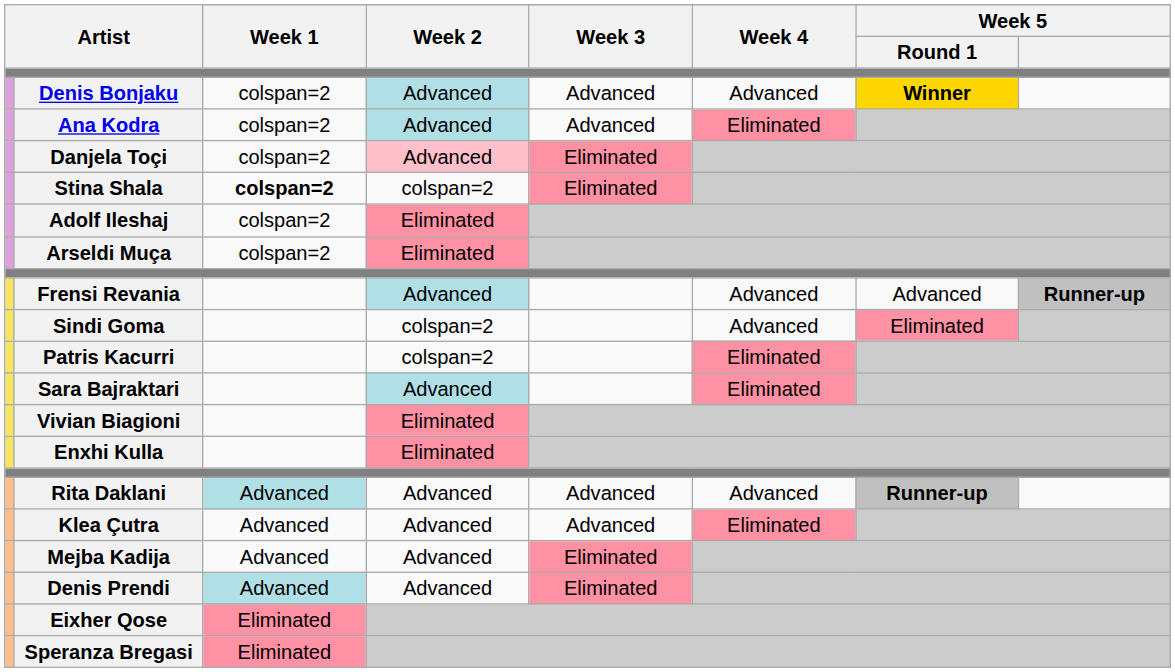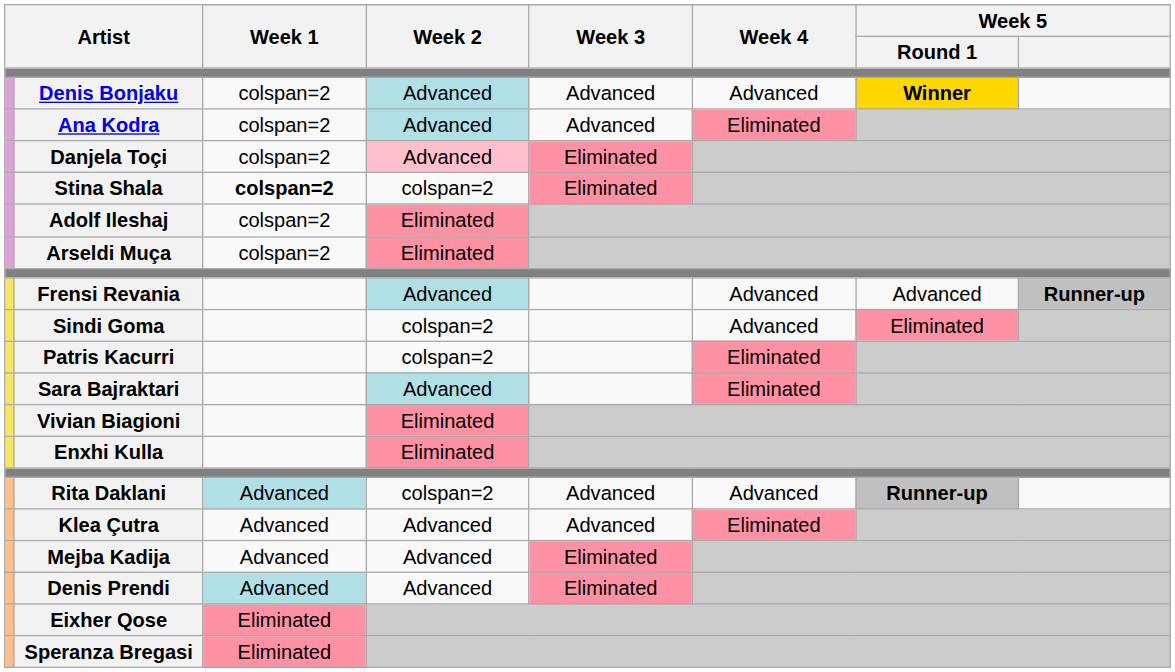 <table class="wikitable"  style="font-size:95%; text-align:center; width:100%;">
 <tr>
 <th rowspan="3" colspan="2" width="17%;">Artist</th>
 </tr>
 <tr>
 <th rowspan="2" width="14%;">Week 1</th>
 <th rowspan="2" width="14%;">Week 2</th>
 <th rowspan="2" width="14%;">Week 3</th>
 <th rowspan="2" width="14%;">Week 4</th>
 <th colspan="2" width="14%;">Week 5</th>
 </tr>
 <tr>
 <th width="14%;">Round 1</th>
 <th width="14%;"></th>
 </tr>
 <tr>
 <th colspan="8" style="background:gray;"></th>
 </tr>
 <tr>
 <th style="background:#dda0dd;"></th>
 <th><a href='#'>Denis Bonjaku</a></th>
 <td>colspan=2 </td>
 <td style="background:#B0E0E6;">Advanced</td>
 <td>Advanced</td>
 <td>Advanced</td>
 <td style="background:gold"><strong>Winner</strong></td>
 </tr>
 <tr>
 <th style="background:#dda0dd;"></th>
 <th><a href='#'>Ana Kodra</a></th>
 <td>colspan=2 </td>
 <td style="background:#B0E0E6;">Advanced</td>
 <td>Advanced</td>
 <td style="background:#FF91A4;">Eliminated</td>
 <td colspan="6" style="background:#ccc;"></td>
 </tr>
 <tr>
 <th style="background:#dda0dd;"></th>
 <th>Danjela Toçi</th>
 <td>colspan=2 </td>
 <td style="background: pink;">Advanced</td>
 <td style="background:#FF91A4;">Eliminated</td>
 <td colspan="6" style="background:#ccc;"></td>
 </tr>
 <tr>
 <th style="background:#dda0dd;"></th>
 <th>Stina Shala</th>
 <td><strong>colspan=2 </strong></td>
 <td>colspan=2 </td>
 <td style="background:#FF91A4;">Eliminated</td>
 <td colspan="6" style="background:#ccc;"></td>
 </tr>
 <tr>
 <th style="background:#dda0dd;"></th>
 <th>Adolf Ileshaj</th>
 <td>colspan=2 </td>
 <td style="background:#FF91A4;">Eliminated</td>
 <td colspan="6" style="background:#ccc;"></td>
 </tr>
 <tr>
 <th style="background:#dda0dd;"></th>
 <th>Arseldi Muça</th>
 <td>colspan=2 </td>
 <td style="background:#FF91A4;">Eliminated</td>
 <td colspan="6" style="background:#ccc;"></td>
 </tr>
 <tr>
 <th colspan="8" style="background:gray;"></th>
 </tr>
 <tr>
 <th style="background:#f7e463;"></th>
 <th>Frensi Revania</th>
 <td></td>
 <td style="background:#B0E0E6;">Advanced</td>
 <td></td>
 <td>Advanced</td>
 <td>Advanced</td>
 <td style="background:silver"><strong>Runner-up</strong></td>
 </tr>
 <tr>
 <th style="background:#f7e463;"></th>
 <th>Sindi Goma</th>
 <td></td>
 <td>colspan=2 </td>
 <td></td>
 <td>Advanced</td>
 <td style="background:#FF91A4;">Eliminated</td>
 <td colspan="6" style="background:#ccc;"></td>
 </tr>
 <tr>
 <th style="background:#f7e463;"></th>
 <th>Patris Kacurri</th>
 <td></td>
 <td>colspan=2 </td>
 <td></td>
 <td style="background:#FF91A4;">Eliminated</td>
 <td colspan="6" style="background:#ccc;"></td>
 </tr>
 <tr>
 <th style="background:#f7e463;"></th>
 <th>Sara Bajraktari</th>
 <td></td>
 <td style="background:#B0E0E6;">Advanced</td>
 <td></td>
 <td style="background:#FF91A4;">Eliminated</td>
 <td colspan="6" style="background:#ccc;"></td>
 </tr>
 <tr>
 <th style="background:#f7e463;"></th>
 <th>Vivian Biagioni</th>
 <td></td>
 <td style="background:#FF91A4;">Eliminated</td>
 <td colspan="6" style="background:#ccc;"></td>
 </tr>
 <tr>
 <th style="background:#f7e463;"></th>
 <th>Enxhi Kulla</th>
 <td></td>
 <td style="background:#FF91A4;">Eliminated</td>
 <td colspan="6" style="background:#ccc;"></td>
 </tr>
 <tr>
 <th colspan="8" style="background:gray;"></th>
 </tr>
 <tr>
 <th style="background:#ffbf8c;"></th>
 <th>Rita Daklani</th>
 <td style="background:#B0E0E6;">Advanced</td>
-<td>Advanced</td>
+<td>colspan=2 </td>
 <td>Advanced</td>
 <td>Advanced</td>
 <td style="background:silver"><strong>Runner-up</strong></td>
 </tr>
 <tr>
 <th style="background:#ffbf8c;"></th>
 <th>Klea Çutra</th>
 <td>Advanced</td>
 <td>Advanced</td>
 <td>Advanced</td>
 <td style="background:#FF91A4;">Eliminated</td>
 <td colspan="6" style="background:#ccc;"></td>
 </tr>
 <tr>
 <th style="background:#ffbf8c;"></th>
 <th>Mejba Kadija</th>
 <td>Advanced</td>
 <td>Advanced</td>
 <td style="background:#FF91A4;">Eliminated</td>
 <td colspan="6" style="background:#ccc;"></td>
 </tr>
 <tr>
 <th style="background:#ffbf8c;"></th>
 <th>Denis Prendi</th>
 <td style="background:#B0E0E6;">Advanced</td>
 <td>Advanced</td>
 <td style="background:#FF91A4;">Eliminated</td>
 <td colspan="6" style="background:#ccc;"></td>
 </tr>
 <tr>
 <th style="background:#ffbf8c;"></th>
 <th>Eixher Qose</th>
 <td style="background:#FF91A4;">Eliminated</td>
 <td colspan="6" style="background:#ccc;"></td>
 </tr>
 <tr>
 <th style="background:#ffbf8c;"></th>
 <th>Speranza Bregasi</th>
 <td style="background:#FF91A4;">Eliminated</td>
 <td colspan="6" style="background:#ccc;"></td>
 </tr>
 </table>
